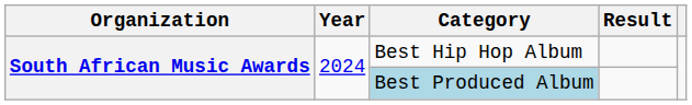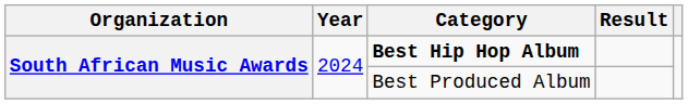 <table class="wikitable sortable plainrowheaders" style="border:none; margin:0;">
 <tr>
 <th scope="col">Organization</th>
 <th scope="col">Year</th>
 <th scope="col">Category</th>
 <th scope="col">Result</th>
 <th scope="col" class="unsortable"></th>
 </tr>
 <tr>
 <th scope="row" rowspan=2><a href='#'>South African Music Awards</a></th>
 <td rowspan=2><a href='#'>2024</a></td>
-<td>Best Hip Hop Album</td>
+<td><strong>Best Hip Hop Album</strong></td>
 <td></td>
 <td style="text-align:center" rowspan=2></td>
 </tr>
 <tr>
-<td style="background: lightblue;">Best Produced Album</td>
+<td>Best Produced Album</td>
 <td></td>
 </tr>
 </table>
